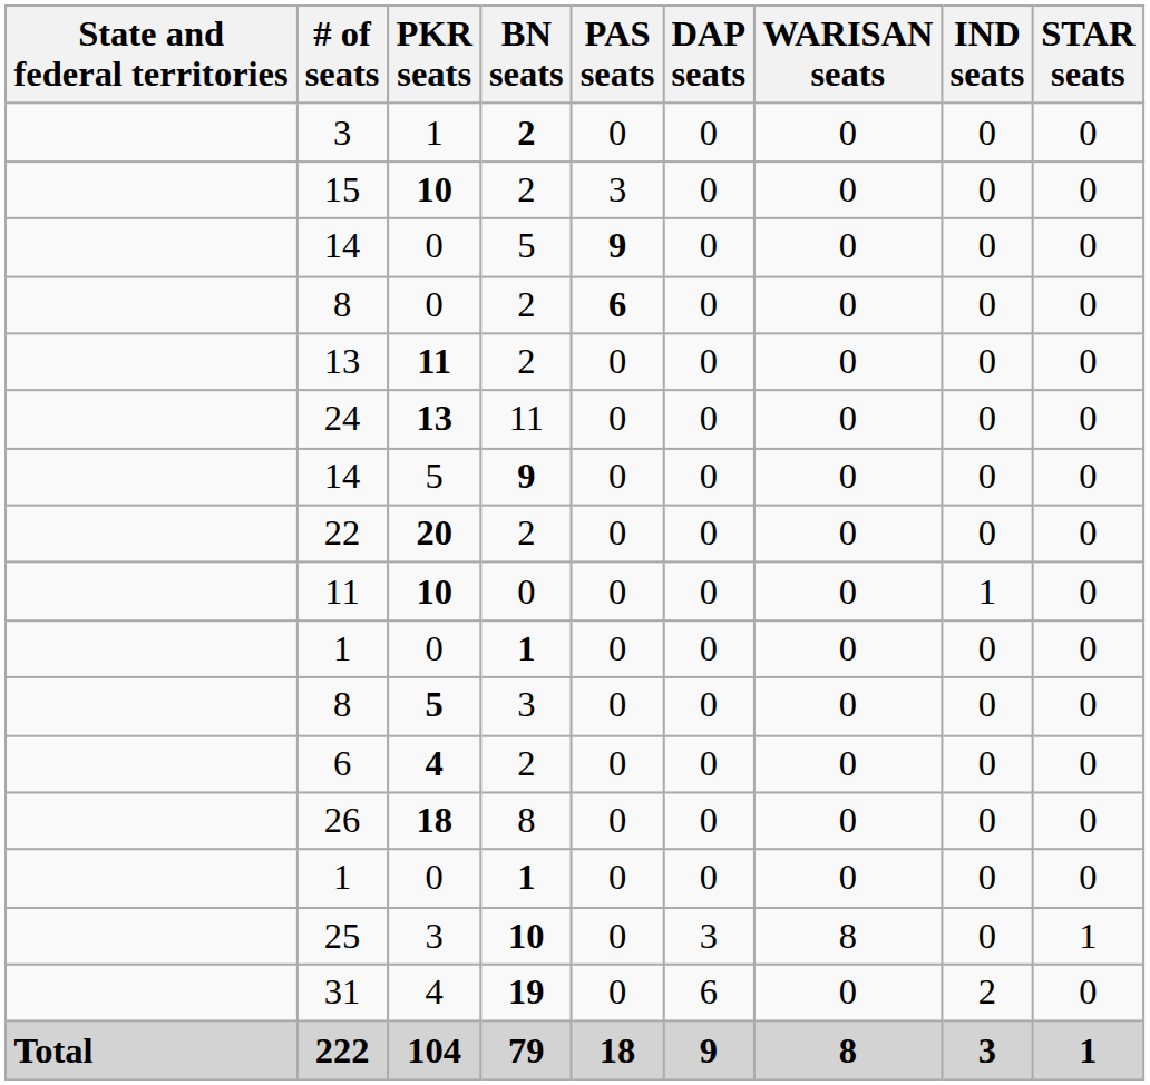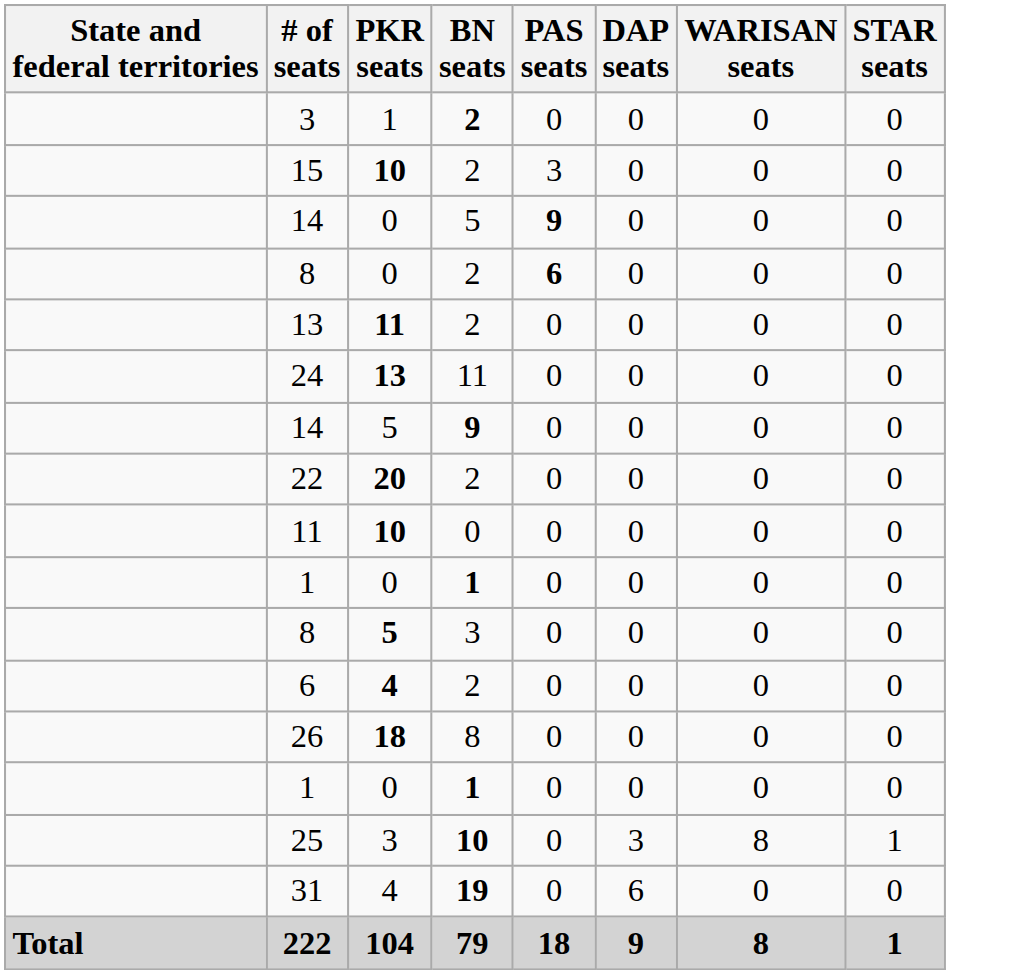 <table class="wikitable sortable" style="text-align:center">
 <tr>
 <th>State and<br>federal territories</th>
 <th># of<br>seats</th>
 <th>PKR<br>seats</th>
 <th>BN<br>seats</th>
 <th>PAS<br>seats</th>
 <th>DAP<br>seats</th>
 <th>WARISAN<br>seats</th>
-<th>IND<br>seats</th>
 <th>STAR<br>seats</th>
 </tr>
 <tr>
 <td style="text-align:left"></td>
 <td>3</td>
 <td>1</td>
 <td><strong>2</strong></td>
-<td>0</td>
 <td>0</td>
 <td>0</td>
 <td>0</td>
 <td>0</td>
 </tr>
 <tr>
 <td style="text-align:left"></td>
 <td>15</td>
 <td><strong>10</strong></td>
 <td>2</td>
 <td>3</td>
 <td>0</td>
 <td>0</td>
 <td>0</td>
-<td>0</td>
 </tr>
 <tr>
 <td style="text-align:left"></td>
 <td>14</td>
 <td>0</td>
 <td>5</td>
 <td><strong>9</strong></td>
-<td>0</td>
 <td>0</td>
 <td>0</td>
 <td>0</td>
 </tr>
 <tr>
 <td style="text-align:left"></td>
 <td>8</td>
 <td>0</td>
 <td>2</td>
 <td><strong>6</strong></td>
 <td>0</td>
 <td>0</td>
 <td>0</td>
-<td>0</td>
 </tr>
 <tr>
 <td style="text-align:left"></td>
 <td>13</td>
 <td><strong>11</strong></td>
 <td>2</td>
-<td>0</td>
 <td>0</td>
 <td>0</td>
 <td>0</td>
 <td>0</td>
 </tr>
 <tr>
 <td style="text-align:left"></td>
 <td>24</td>
 <td><strong>13</strong></td>
 <td>11</td>
 <td>0</td>
 <td>0</td>
 <td>0</td>
 <td>0</td>
-<td>0</td>
 </tr>
 <tr>
 <td style="text-align:left"></td>
 <td>14</td>
 <td>5</td>
 <td><strong>9</strong></td>
-<td>0</td>
 <td>0</td>
 <td>0</td>
 <td>0</td>
 <td>0</td>
 </tr>
 <tr>
 <td style="text-align:left"></td>
 <td>22</td>
 <td><strong>20</strong></td>
 <td>2</td>
 <td>0</td>
 <td>0</td>
 <td>0</td>
 <td>0</td>
-<td>0</td>
 </tr>
 <tr>
 <td style="text-align:left"></td>
 <td>11</td>
 <td><strong>10</strong></td>
-<td>0</td>
-<td>0</td>
-<td>0</td>
-<td>0</td>
-<td>1</td>
-<td>0</td>
-</tr>
-<tr>
-<td style="text-align:left"></td>
-<td>1</td>
-<td>0</td>
-<td><strong>1</strong></td>
-<td>0</td>
-<td>0</td>
-<td>0</td>
-<td>0</td>
-<td>0</td>
-</tr>
-<tr>
-<td style="text-align:left"></td>
-<td>8</td>
-<td><strong>5</strong></td>
-<td>3</td>
-<td>0</td>
-<td>0</td>
-<td>0</td>
-<td>0</td>
-<td>0</td>
-</tr>
-<tr>
-<td style="text-align:left"></td>
-<td>6</td>
-<td><strong>4</strong></td>
-<td>2</td>
-<td>0</td>
-<td>0</td>
-<td>0</td>
-<td>0</td>
-<td>0</td>
-</tr>
-<tr>
-<td style="text-align:left"></td>
-<td>26</td>
-<td><strong>18</strong></td>
-<td>8</td>
 <td>0</td>
 <td>0</td>
 <td>0</td>
 <td>0</td>
 <td>0</td>
 </tr>
 <tr>
 <td style="text-align:left"></td>
 <td>1</td>
 <td>0</td>
 <td><strong>1</strong></td>
 <td>0</td>
 <td>0</td>
 <td>0</td>
 <td>0</td>
+</tr>
+<tr>
+<td style="text-align:left"></td>
+<td>8</td>
+<td><strong>5</strong></td>
+<td>3</td>
+<td>0</td>
+<td>0</td>
+<td>0</td>
+<td>0</td>
+</tr>
+<tr>
+<td style="text-align:left"></td>
+<td>6</td>
+<td><strong>4</strong></td>
+<td>2</td>
+<td>0</td>
+<td>0</td>
+<td>0</td>
+<td>0</td>
+</tr>
+<tr>
+<td style="text-align:left"></td>
+<td>26</td>
+<td><strong>18</strong></td>
+<td>8</td>
+<td>0</td>
+<td>0</td>
+<td>0</td>
+<td>0</td>
+</tr>
+<tr>
+<td style="text-align:left"></td>
+<td>1</td>
+<td>0</td>
+<td><strong>1</strong></td>
+<td>0</td>
+<td>0</td>
+<td>0</td>
 <td>0</td>
 </tr>
 <tr>
 <td style="text-align:left"></td>
 <td>25</td>
 <td>3</td>
 <td><strong>10</strong></td>
 <td>0</td>
 <td>3</td>
 <td>8</td>
-<td>0</td>
 <td>1</td>
 </tr>
 <tr>
 <td style="text-align:left"></td>
 <td>31</td>
 <td>4</td>
 <td><strong>19</strong></td>
 <td>0</td>
 <td>6</td>
 <td>0</td>
-<td>2</td>
 <td>0</td>
 </tr>
 <tr class="sortbottom" bgcolor="lightgrey">
 <td style="text-align:left"><strong>Total</strong></td>
 <td><strong>222</strong></td>
 <td><span><strong>104</strong></span></td>
 <td><span><strong>79</strong></span></td>
 <td><span><strong>18</strong></span></td>
 <td><span><strong>9</strong></span></td>
 <td><strong>8</strong></td>
-<td><span><strong>3</strong></span></td>
 <td><span><strong>1</strong></span></td>
 </tr>
 </table>
